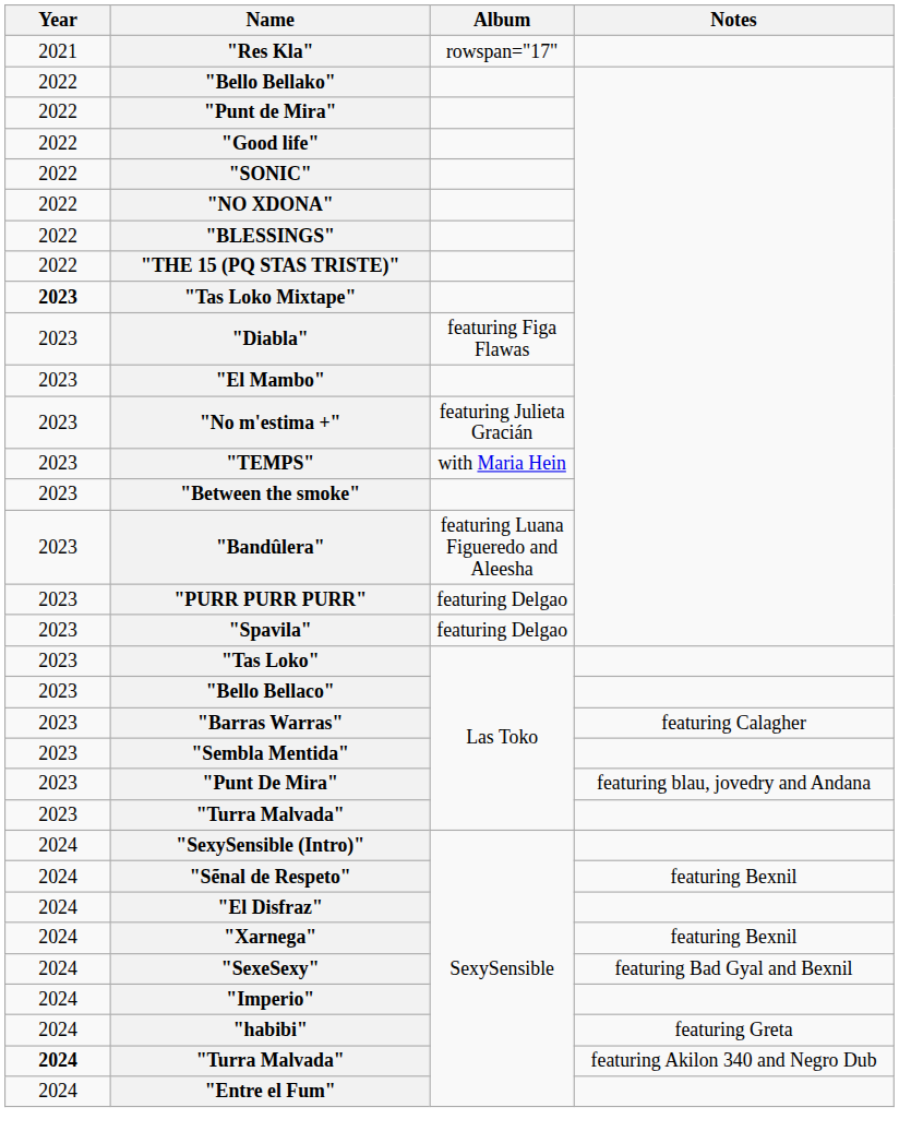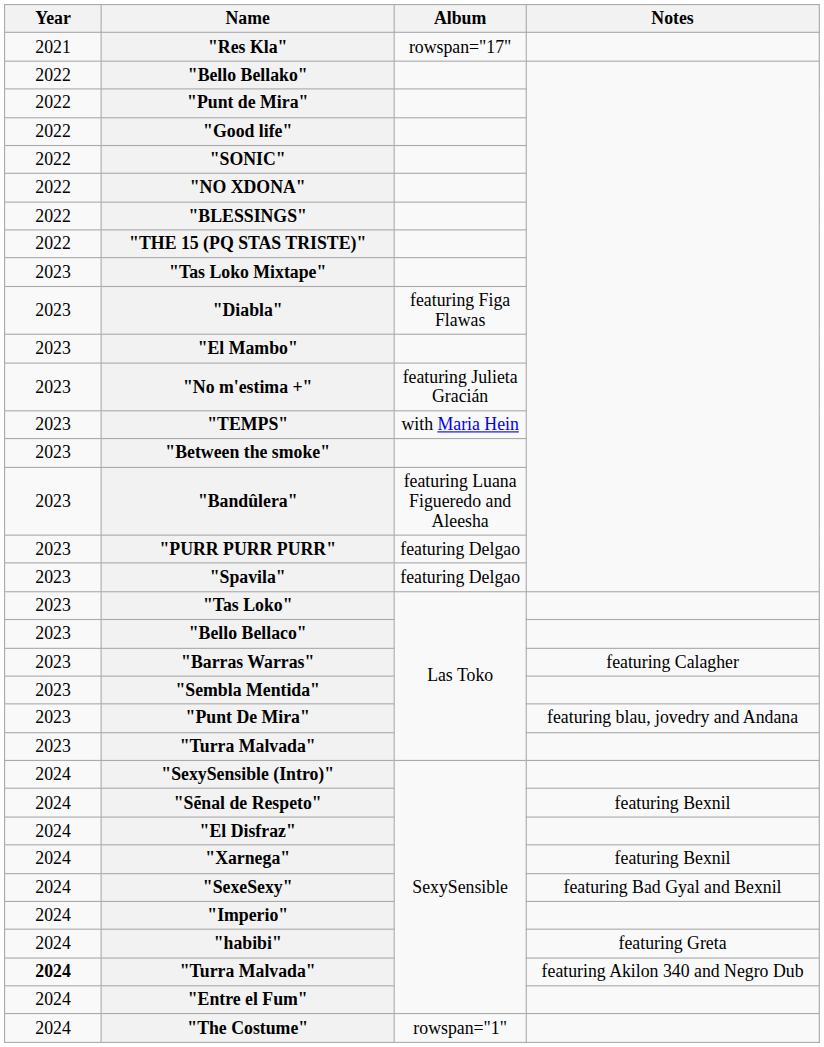 <table class="wikitable plainrowheaders" style="text-align:center;" border="1">
 <tr>
 <th scope="col" style="width:5em;">Year</th>
 <th scope="col" style="width:16em;">Name</th>
 <th scope="col" style="width:7em;">Album</th>
 <th scope="col" style="width:16em;">Notes</th>
 </tr>
 <tr>
 <td rowspan="1" style="text-align:center;">2021</td>
 <th scope="row">"Res Kla"</th>
 <td>rowspan="17" </td>
 <td></td>
 </tr>
 <tr>
 <td rowspan="1" style="text-align:center;">2022</td>
 <th scope="row">"Bello Bellako"</th>
 <td></td>
 </tr>
 <tr>
 <td rowspan="1" style="text-align:center;">2022</td>
 <th scope="row">"Punt de Mira"</th>
 <td></td>
 </tr>
 <tr>
 <td rowspan="1" style="text-align:center;">2022</td>
 <th scope="row">"Good life"</th>
 <td></td>
 </tr>
 <tr>
 <td rowspan="1" style="text-align:center;">2022</td>
 <th scope="row">"SONIC"</th>
 <td></td>
 </tr>
 <tr>
 <td rowspan="1" style="text-align:center;">2022</td>
 <th scope="row">"NO XDONA"</th>
 <td></td>
 </tr>
 <tr>
 <td rowspan="1" style="text-align:center;">2022</td>
 <th scope="row">"BLESSINGS"</th>
 <td></td>
 </tr>
 <tr>
 <td rowspan="1" style="text-align:center;">2022</td>
 <th scope="row">"THE 15 (PQ STAS TRISTE)"</th>
 <td></td>
 </tr>
 <tr>
-<td rowspan="1" style="text-align:center;"><strong>2023</strong></td>
+<td rowspan="1" style="text-align:center;">2023</td>
 <th scope="row">"Tas Loko Mixtape"</th>
 <td></td>
 </tr>
 <tr>
 <td rowspan="1" style="text-align:center;">2023</td>
 <th scope="row">"Diabla"</th>
 <td>featuring Figa Flawas</td>
 </tr>
 <tr>
 <td rowspan="1" style="text-align:center;">2023</td>
 <th scope="row">"El Mambo"</th>
 <td></td>
 </tr>
 <tr>
 <td rowspan="1" style="text-align:center;">2023</td>
 <th scope="row">"No m'estima +"</th>
 <td>featuring Julieta Gracián</td>
 </tr>
 <tr>
 <td rowspan="1" style="text-align:center;">2023</td>
 <th scope="row">"TEMPS"</th>
 <td>with <a href='#'>Maria Hein</a></td>
 </tr>
 <tr>
 <td rowspan="1" style="text-align:center;">2023</td>
 <th scope="row">"Between the smoke"</th>
 <td></td>
 </tr>
 <tr>
 <td rowspan="1" style="text-align:center;">2023</td>
 <th scope="row">"Bandûlera"</th>
 <td>featuring Luana Figueredo and Aleesha</td>
 </tr>
 <tr>
 <td rowspan="1" style="text-align:center;">2023</td>
 <th scope="row">"PURR PURR PURR"</th>
 <td>featuring Delgao</td>
 </tr>
 <tr>
 <td rowspan="1" style="text-align:center;">2023</td>
 <th scope="row">"Spavila"</th>
 <td>featuring Delgao</td>
 </tr>
 <tr>
 <td rowspan="1" style="text-align:center;">2023</td>
 <th scope="row">"Tas Loko"</th>
 <td rowspan="6">Las Toko</td>
 <td></td>
 </tr>
 <tr>
 <td rowspan="1" style="text-align:center;">2023</td>
 <th scope="row">"Bello Bellaco"</th>
 <td></td>
 </tr>
 <tr>
 <td rowspan="1" style="text-align:center;">2023</td>
 <th scope="row">"Barras Warras"</th>
 <td>featuring Calagher</td>
 </tr>
 <tr>
 <td rowspan="1" style="text-align:center;">2023</td>
 <th scope="row">"Sembla Mentida"</th>
 <td></td>
 </tr>
 <tr>
 <td rowspan="1" style="text-align:center;">2023</td>
 <th scope="row">"Punt De Mira"</th>
 <td>featuring blau, jovedry and Andana</td>
 </tr>
 <tr>
 <td rowspan="1" style="text-align:center;">2023</td>
 <th scope="row">"Turra Malvada"</th>
 <td></td>
 </tr>
 <tr>
 <td rowspan="1" style="text-align:center;">2024</td>
 <th scope="row">"SexySensible (Intro)"</th>
 <td rowspan="9">SexySensible</td>
 <td></td>
 </tr>
 <tr>
 <td rowspan="1" style="text-align:center;">2024</td>
 <th scope="row">"Sẽnal de Respeto"</th>
 <td>featuring Bexnil</td>
 </tr>
 <tr>
 <td rowspan="1" style="text-align:center;">2024</td>
 <th scope="row">"El Disfraz"</th>
 <td></td>
 </tr>
 <tr>
 <td rowspan="1" style="text-align:center;">2024</td>
 <th scope="row">"Xarnega"</th>
 <td>featuring Bexnil</td>
 </tr>
 <tr>
 <td rowspan="1" style="text-align:center;">2024</td>
 <th scope="row">"SexeSexy"</th>
 <td>featuring Bad Gyal and Bexnil</td>
 </tr>
 <tr>
 <td rowspan="1" style="text-align:center;">2024</td>
 <th scope="row">"Imperio"</th>
 <td></td>
 </tr>
 <tr>
 <td rowspan="1" style="text-align:center;">2024</td>
 <th scope="row">"habibi"</th>
 <td>featuring Greta</td>
 </tr>
 <tr>
 <td rowspan="1" style="text-align:center;"><strong>2024</strong></td>
 <th scope="row">"Turra Malvada"</th>
 <td>featuring Akilon 340 and Negro Dub</td>
 </tr>
 <tr>
 <td rowspan="1" style="text-align:center;">2024</td>
 <th scope="row">"Entre el Fum"</th>
 <td></td>
 </tr>
+<tr>
+<td rowspan="1" style="text-align:center;">2024</td>
+<th scope="row">"The Costume"</th>
+<td>rowspan="1" </td>
+<td></td>
+</tr>
 </table>
